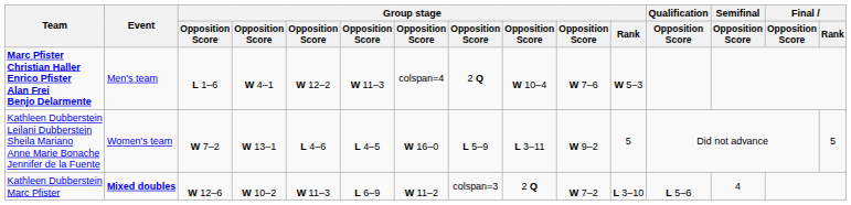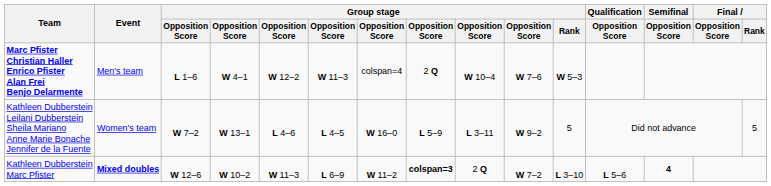 <table class=wikitable style=font-size:80%;text-align:center>
 <tr>
 <th rowspan=2>Team</th>
 <th rowspan=2>Event</th>
 <th colspan=9>Group stage</th>
 <th>Qualification</th>
 <th>Semifinal</th>
 <th colspan=2>Final / </th>
 </tr>
 <tr style=font-size:95%>
 <th>Opposition<br>Score</th>
 <th>Opposition<br>Score</th>
 <th>Opposition<br>Score</th>
 <th>Opposition<br>Score</th>
 <th>Opposition<br>Score</th>
 <th>Opposition<br>Score</th>
 <th>Opposition<br>Score</th>
 <th>Opposition<br>Score</th>
 <th>Rank</th>
 <th>Opposition<br>Score</th>
 <th>Opposition<br>Score</th>
 <th>Opposition<br>Score</th>
 <th>Rank</th>
 </tr>
 <tr>
 <td align=left><strong><a href='#'>Marc Pfister</a><br><a href='#'>Christian Haller</a><br><a href='#'>Enrico Pfister</a><br><a href='#'>Alan Frei</a><br><a href='#'>Benjo Delarmente</a></strong></td>
 <td align=left><a href='#'>Men's team</a></td>
 <td><br><strong>L</strong> 1–6</td>
 <td><br><strong>W</strong> 4–1</td>
 <td><br><strong>W</strong> 12–2</td>
 <td><br><strong>W</strong> 11–3</td>
 <td>colspan=4 </td>
 <td>2 <strong>Q</strong></td>
 <td><br><strong>W</strong> 10–4</td>
 <td><br><strong>W</strong> 7–6</td>
 <td><br><strong>W</strong> 5–3</td>
 <td></td>
 </tr>
 <tr>
 <td align=left><a href='#'>Kathleen Dubberstein</a><br><a href='#'>Leilani Dubberstein</a><br><a href='#'>Sheila Mariano</a><br><a href='#'>Anne Marie Bonache</a><br><a href='#'>Jennifer de la Fuente</a></td>
 <td align=left><a href='#'>Women's team</a></td>
 <td><br><strong>W</strong> 7–2</td>
 <td><br><strong>W</strong> 13–1</td>
 <td><br><strong>L</strong> 4–6</td>
 <td><br><strong>L</strong> 4–5</td>
 <td><br><strong>W</strong> 16–0</td>
 <td><br><strong>L</strong> 5–9</td>
 <td><br><strong>L</strong> 3–11</td>
 <td><br><strong>W</strong> 9–2</td>
 <td>5</td>
 <td colspan=3>Did not advance</td>
 <td>5</td>
 </tr>
 <tr>
 <td align=left><a href='#'>Kathleen Dubberstein</a><br><a href='#'>Marc Pfister</a></td>
 <td align=left><strong><a href='#'>Mixed doubles</a></strong></td>
 <td><br><strong>W</strong> 12–6</td>
 <td><br><strong>W</strong> 10–2</td>
 <td><br><strong>W</strong> 11–3</td>
 <td><br><strong>L</strong> 6–9</td>
 <td><br><strong>W</strong> 11–2</td>
-<td>colspan=3 </td>
+<td><strong>colspan=3 </strong></td>
 <td>2 <strong>Q</strong></td>
 <td><br><strong>W</strong> 7–2</td>
 <td><br><strong>L</strong> 3–10</td>
 <td><br><strong>L</strong> 5–6</td>
-<td>4</td>
+<td><strong>4</strong></td>
 </tr>
 </table>
